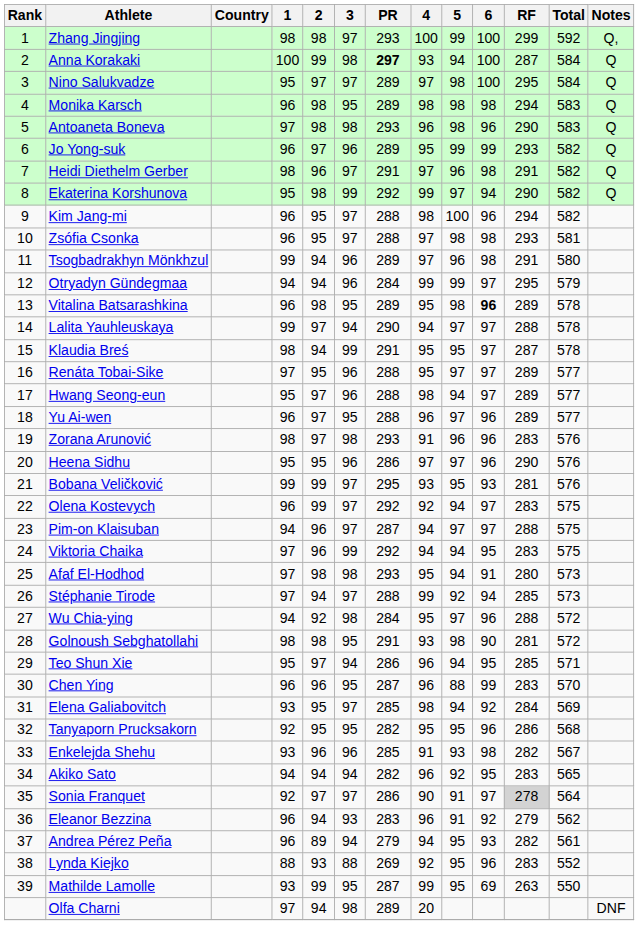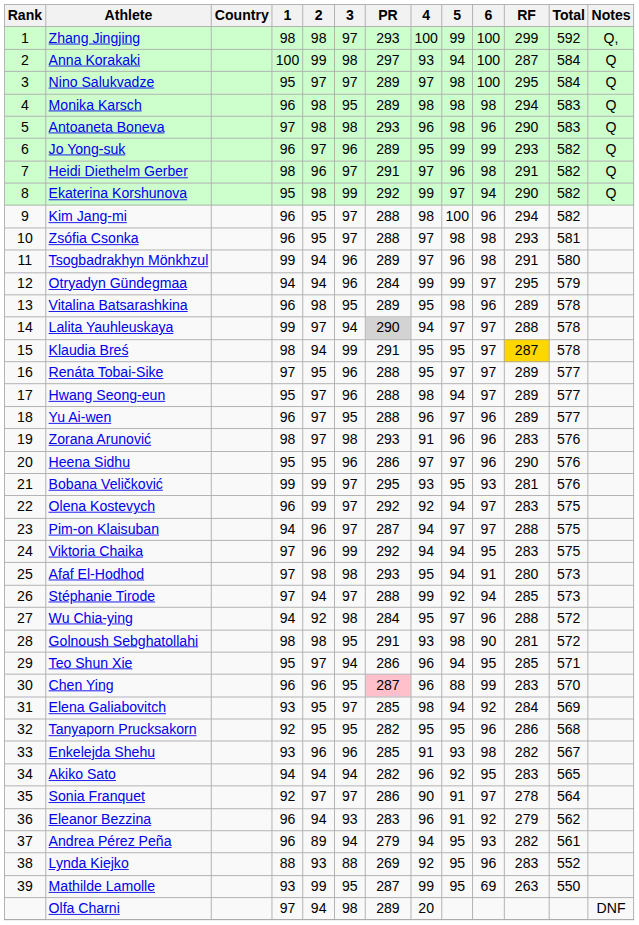 <table class="wikitable sortable" style="text-align:center">
 <tr>
 <th>Rank</th>
 <th>Athlete</th>
 <th>Country</th>
 <th class="unsortable" style="width: 28px">1</th>
 <th class="unsortable" style="width: 28px">2</th>
 <th class="unsortable" style="width: 28px">3</th>
 <th style="width: 44px">PR</th>
 <th class="unsortable" style="width: 28px">4</th>
 <th class="unsortable" style="width: 28px">5</th>
 <th class="unsortable" style="width: 28px">6</th>
 <th style="width: 44px">RF</th>
 <th>Total</th>
 <th class="unsortable">Notes</th>
 </tr>
 <tr bgcolor=ccffcc>
 <td>1</td>
 <td align="left"><a href='#'>Zhang Jingjing</a></td>
 <td align="left"></td>
 <td>98</td>
 <td>98</td>
 <td>97</td>
 <td>293</td>
 <td>100</td>
 <td>99</td>
 <td>100</td>
 <td>299</td>
 <td>592</td>
 <td>Q, </td>
 </tr>
 <tr bgcolor=ccffcc>
 <td>2</td>
 <td align="left"><a href='#'>Anna Korakaki</a></td>
 <td align="left"></td>
 <td>100</td>
 <td>99</td>
 <td>98</td>
-<td><strong>297</strong></td>
+<td>297</td>
 <td>93</td>
 <td>94</td>
 <td>100</td>
 <td>287</td>
 <td>584</td>
 <td>Q</td>
 </tr>
 <tr bgcolor=ccffcc>
 <td>3</td>
 <td align="left"><a href='#'>Nino Salukvadze</a></td>
 <td align="left"></td>
 <td>95</td>
 <td>97</td>
 <td>97</td>
 <td>289</td>
 <td>97</td>
 <td>98</td>
 <td>100</td>
 <td>295</td>
 <td>584</td>
 <td>Q</td>
 </tr>
 <tr bgcolor=ccffcc>
 <td>4</td>
 <td align="left"><a href='#'>Monika Karsch</a></td>
 <td align="left"></td>
 <td>96</td>
 <td>98</td>
 <td>95</td>
 <td>289</td>
 <td>98</td>
 <td>98</td>
 <td>98</td>
 <td>294</td>
 <td>583</td>
 <td>Q</td>
 </tr>
 <tr bgcolor=ccffcc>
 <td>5</td>
 <td align="left"><a href='#'>Antoaneta Boneva</a></td>
 <td align="left"></td>
 <td>97</td>
 <td>98</td>
 <td>98</td>
 <td>293</td>
 <td>96</td>
 <td>98</td>
 <td>96</td>
 <td>290</td>
 <td>583</td>
 <td>Q</td>
 </tr>
 <tr bgcolor=ccffcc>
 <td>6</td>
 <td align="left"><a href='#'>Jo Yong-suk</a></td>
 <td align="left"></td>
 <td>96</td>
 <td>97</td>
 <td>96</td>
 <td>289</td>
 <td>95</td>
 <td>99</td>
 <td>99</td>
 <td>293</td>
 <td>582</td>
 <td>Q</td>
 </tr>
 <tr bgcolor=ccffcc>
 <td>7</td>
 <td align="left"><a href='#'>Heidi Diethelm Gerber</a></td>
 <td align="left"></td>
 <td>98</td>
 <td>96</td>
 <td>97</td>
 <td>291</td>
 <td>97</td>
 <td>96</td>
 <td>98</td>
 <td>291</td>
 <td>582</td>
 <td>Q</td>
 </tr>
 <tr bgcolor=ccffcc>
 <td>8</td>
 <td align="left"><a href='#'>Ekaterina Korshunova</a></td>
 <td align="left"></td>
 <td>95</td>
 <td>98</td>
 <td>99</td>
 <td>292</td>
 <td>99</td>
 <td>97</td>
 <td>94</td>
 <td>290</td>
 <td>582</td>
 <td>Q</td>
 </tr>
 <tr>
 <td>9</td>
 <td align="left"><a href='#'>Kim Jang-mi</a></td>
 <td align="left"></td>
 <td>96</td>
 <td>95</td>
 <td>97</td>
 <td>288</td>
 <td>98</td>
 <td>100</td>
 <td>96</td>
 <td>294</td>
 <td>582</td>
 <td></td>
 </tr>
 <tr>
 <td>10</td>
 <td align="left"><a href='#'>Zsófia Csonka</a></td>
 <td align="left"></td>
 <td>96</td>
 <td>95</td>
 <td>97</td>
 <td>288</td>
 <td>97</td>
 <td>98</td>
 <td>98</td>
 <td>293</td>
 <td>581</td>
 <td></td>
 </tr>
 <tr>
 <td>11</td>
 <td align="left"><a href='#'>Tsogbadrakhyn Mönkhzul</a></td>
 <td align="left"></td>
 <td>99</td>
 <td>94</td>
 <td>96</td>
 <td>289</td>
 <td>97</td>
 <td>96</td>
 <td>98</td>
 <td>291</td>
 <td>580</td>
 <td></td>
 </tr>
 <tr>
 <td>12</td>
 <td align="left"><a href='#'>Otryadyn Gündegmaa</a></td>
 <td align="left"></td>
 <td>94</td>
 <td>94</td>
 <td>96</td>
 <td>284</td>
 <td>99</td>
 <td>99</td>
 <td>97</td>
 <td>295</td>
 <td>579</td>
 <td></td>
 </tr>
 <tr>
 <td>13</td>
 <td align="left"><a href='#'>Vitalina Batsarashkina</a></td>
 <td align="left"></td>
 <td>96</td>
 <td>98</td>
 <td>95</td>
 <td>289</td>
 <td>95</td>
 <td>98</td>
-<td><strong>96</strong></td>
+<td>96</td>
 <td>289</td>
 <td>578</td>
 <td></td>
 </tr>
 <tr>
 <td>14</td>
 <td align="left"><a href='#'>Lalita Yauhleuskaya</a></td>
 <td align="left"></td>
 <td>99</td>
 <td>97</td>
 <td>94</td>
-<td>290</td>
+<td style="background: lightgrey;">290</td>
 <td>94</td>
 <td>97</td>
 <td>97</td>
 <td>288</td>
 <td>578</td>
 <td></td>
 </tr>
 <tr>
 <td>15</td>
 <td align="left"><a href='#'>Klaudia Breś</a></td>
 <td align="left"></td>
 <td>98</td>
 <td>94</td>
 <td>99</td>
 <td>291</td>
 <td>95</td>
 <td>95</td>
 <td>97</td>
-<td>287</td>
+<td style="background: gold;">287</td>
 <td>578</td>
 <td></td>
 </tr>
 <tr>
 <td>16</td>
 <td align="left"><a href='#'>Renáta Tobai-Sike</a></td>
 <td align="left"></td>
 <td>97</td>
 <td>95</td>
 <td>96</td>
 <td>288</td>
 <td>95</td>
 <td>97</td>
 <td>97</td>
 <td>289</td>
 <td>577</td>
 <td></td>
 </tr>
 <tr>
 <td>17</td>
 <td align="left"><a href='#'>Hwang Seong-eun</a></td>
 <td align="left"></td>
 <td>95</td>
 <td>97</td>
 <td>96</td>
 <td>288</td>
 <td>98</td>
 <td>94</td>
 <td>97</td>
 <td>289</td>
 <td>577</td>
 <td></td>
 </tr>
 <tr>
 <td>18</td>
 <td align="left"><a href='#'>Yu Ai-wen</a></td>
 <td align="left"></td>
 <td>96</td>
 <td>97</td>
 <td>95</td>
 <td>288</td>
 <td>96</td>
 <td>97</td>
 <td>96</td>
 <td>289</td>
 <td>577</td>
 <td></td>
 </tr>
 <tr>
 <td>19</td>
 <td align="left"><a href='#'>Zorana Arunović</a></td>
 <td align="left"></td>
 <td>98</td>
 <td>97</td>
 <td>98</td>
 <td>293</td>
 <td>91</td>
 <td>96</td>
 <td>96</td>
 <td>283</td>
 <td>576</td>
 <td></td>
 </tr>
 <tr>
 <td>20</td>
 <td align="left"><a href='#'>Heena Sidhu</a></td>
 <td align="left"></td>
 <td>95</td>
 <td>95</td>
 <td>96</td>
 <td>286</td>
 <td>97</td>
 <td>97</td>
 <td>96</td>
 <td>290</td>
 <td>576</td>
 <td></td>
 </tr>
 <tr>
 <td>21</td>
 <td align="left"><a href='#'>Bobana Veličković</a></td>
 <td align="left"></td>
 <td>99</td>
 <td>99</td>
 <td>97</td>
 <td>295</td>
 <td>93</td>
 <td>95</td>
 <td>93</td>
 <td>281</td>
 <td>576</td>
 <td></td>
 </tr>
 <tr>
 <td>22</td>
 <td align="left"><a href='#'>Olena Kostevych</a></td>
 <td align="left"></td>
 <td>96</td>
 <td>99</td>
 <td>97</td>
 <td>292</td>
 <td>92</td>
 <td>94</td>
 <td>97</td>
 <td>283</td>
 <td>575</td>
 <td></td>
 </tr>
 <tr>
 <td>23</td>
 <td align="left"><a href='#'>Pim-on Klaisuban</a></td>
 <td align="left"></td>
 <td>94</td>
 <td>96</td>
 <td>97</td>
 <td>287</td>
 <td>94</td>
 <td>97</td>
 <td>97</td>
 <td>288</td>
 <td>575</td>
 <td></td>
 </tr>
 <tr>
 <td>24</td>
 <td align="left"><a href='#'>Viktoria Chaika</a></td>
 <td align="left"></td>
 <td>97</td>
 <td>96</td>
 <td>99</td>
 <td>292</td>
 <td>94</td>
 <td>94</td>
 <td>95</td>
 <td>283</td>
 <td>575</td>
 <td></td>
 </tr>
 <tr>
 <td>25</td>
 <td align="left"><a href='#'>Afaf El-Hodhod</a></td>
 <td align="left"></td>
 <td>97</td>
 <td>98</td>
 <td>98</td>
 <td>293</td>
 <td>95</td>
 <td>94</td>
 <td>91</td>
 <td>280</td>
 <td>573</td>
 <td></td>
 </tr>
 <tr>
 <td>26</td>
 <td align="left"><a href='#'>Stéphanie Tirode</a></td>
 <td align="left"></td>
 <td>97</td>
 <td>94</td>
 <td>97</td>
 <td>288</td>
 <td>99</td>
 <td>92</td>
 <td>94</td>
 <td>285</td>
 <td>573</td>
 <td></td>
 </tr>
 <tr>
 <td>27</td>
 <td align="left"><a href='#'>Wu Chia-ying</a></td>
 <td align="left"></td>
 <td>94</td>
 <td>92</td>
 <td>98</td>
 <td>284</td>
 <td>95</td>
 <td>97</td>
 <td>96</td>
 <td>288</td>
 <td>572</td>
 <td></td>
 </tr>
 <tr>
 <td>28</td>
 <td align="left"><a href='#'>Golnoush Sebghatollahi</a></td>
 <td align="left"></td>
 <td>98</td>
 <td>98</td>
 <td>95</td>
 <td>291</td>
 <td>93</td>
 <td>98</td>
 <td>90</td>
 <td>281</td>
 <td>572</td>
 <td></td>
 </tr>
 <tr>
 <td>29</td>
 <td align="left"><a href='#'>Teo Shun Xie</a></td>
 <td align="left"></td>
 <td>95</td>
 <td>97</td>
 <td>94</td>
 <td>286</td>
 <td>96</td>
 <td>94</td>
 <td>95</td>
 <td>285</td>
 <td>571</td>
 <td></td>
 </tr>
 <tr>
 <td>30</td>
 <td align="left"><a href='#'>Chen Ying</a></td>
 <td align="left"></td>
 <td>96</td>
 <td>96</td>
 <td>95</td>
-<td>287</td>
+<td style="background: pink;">287</td>
 <td>96</td>
 <td>88</td>
 <td>99</td>
 <td>283</td>
 <td>570</td>
 <td></td>
 </tr>
 <tr>
 <td>31</td>
 <td align="left"><a href='#'>Elena Galiabovitch</a></td>
 <td align="left"></td>
 <td>93</td>
 <td>95</td>
 <td>97</td>
 <td>285</td>
 <td>98</td>
 <td>94</td>
 <td>92</td>
 <td>284</td>
 <td>569</td>
 <td></td>
 </tr>
 <tr>
 <td>32</td>
 <td align="left"><a href='#'>Tanyaporn Prucksakorn</a></td>
 <td align="left"></td>
 <td>92</td>
 <td>95</td>
 <td>95</td>
 <td>282</td>
 <td>95</td>
 <td>95</td>
 <td>96</td>
 <td>286</td>
 <td>568</td>
 <td></td>
 </tr>
 <tr>
 <td>33</td>
 <td align="left"><a href='#'>Enkelejda Shehu</a></td>
 <td align="left"></td>
 <td>93</td>
 <td>96</td>
 <td>96</td>
 <td>285</td>
 <td>91</td>
 <td>93</td>
 <td>98</td>
 <td>282</td>
 <td>567</td>
 <td></td>
 </tr>
 <tr>
 <td>34</td>
 <td align="left"><a href='#'>Akiko Sato</a></td>
 <td align="left"></td>
 <td>94</td>
 <td>94</td>
 <td>94</td>
 <td>282</td>
 <td>96</td>
 <td>92</td>
 <td>95</td>
 <td>283</td>
 <td>565</td>
 <td></td>
 </tr>
 <tr>
 <td>35</td>
 <td align="left"><a href='#'>Sonia Franquet</a></td>
 <td align="left"></td>
 <td>92</td>
 <td>97</td>
 <td>97</td>
 <td>286</td>
 <td>90</td>
 <td>91</td>
 <td>97</td>
-<td style="background: lightgrey;">278</td>
+<td>278</td>
 <td>564</td>
 <td></td>
 </tr>
 <tr>
 <td>36</td>
 <td align="left"><a href='#'>Eleanor Bezzina</a></td>
 <td align="left"></td>
 <td>96</td>
 <td>94</td>
 <td>93</td>
 <td>283</td>
 <td>96</td>
 <td>91</td>
 <td>92</td>
 <td>279</td>
 <td>562</td>
 <td></td>
 </tr>
 <tr>
 <td>37</td>
 <td align="left"><a href='#'>Andrea Pérez Peña</a></td>
 <td align="left"></td>
 <td>96</td>
 <td>89</td>
 <td>94</td>
 <td>279</td>
 <td>94</td>
 <td>95</td>
 <td>93</td>
 <td>282</td>
 <td>561</td>
 <td></td>
 </tr>
 <tr>
 <td>38</td>
 <td align="left"><a href='#'>Lynda Kiejko</a></td>
 <td align="left"></td>
 <td>88</td>
 <td>93</td>
 <td>88</td>
 <td>269</td>
 <td>92</td>
 <td>95</td>
 <td>96</td>
 <td>283</td>
 <td>552</td>
 <td></td>
 </tr>
 <tr>
 <td>39</td>
 <td align="left"><a href='#'>Mathilde Lamolle</a></td>
 <td align="left"></td>
 <td>93</td>
 <td>99</td>
 <td>95</td>
 <td>287</td>
 <td>99</td>
 <td>95</td>
 <td>69</td>
 <td>263</td>
 <td>550</td>
 <td></td>
 </tr>
 <tr>
 <td></td>
 <td align="left"><a href='#'>Olfa Charni</a></td>
 <td align="left"></td>
 <td>97</td>
 <td>94</td>
 <td>98</td>
 <td>289</td>
 <td>20</td>
 <td></td>
 <td></td>
 <td></td>
 <td></td>
 <td>DNF</td>
 </tr>
 <tr>
 </tr>
 </table>
